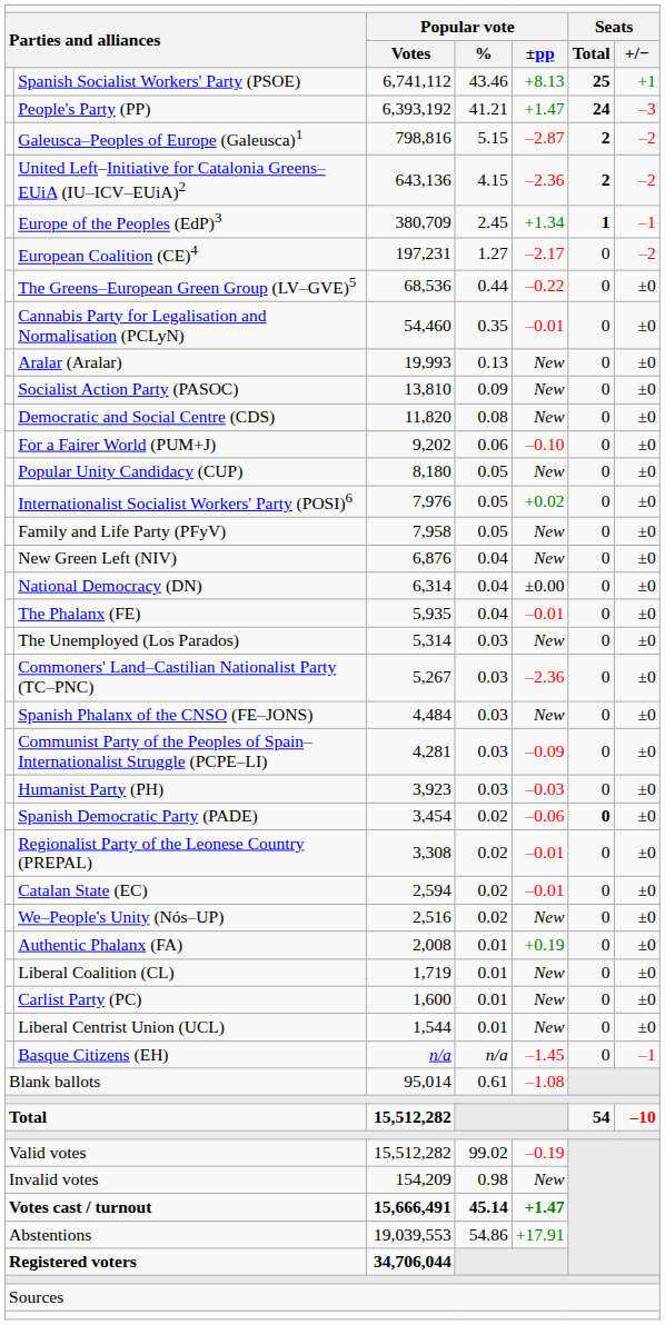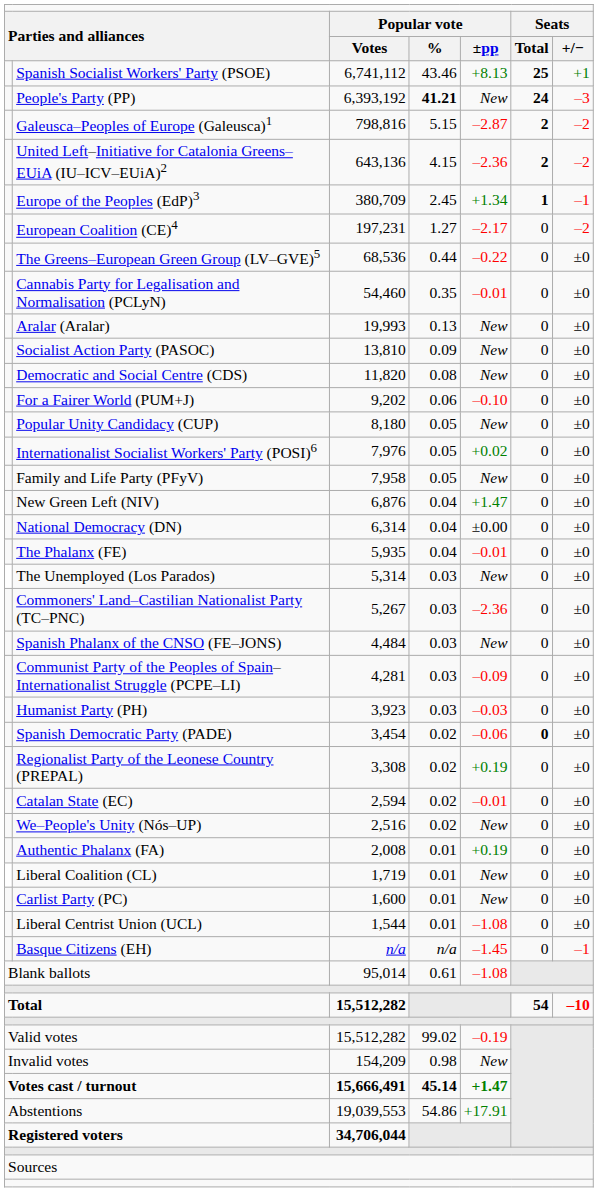 <table class="wikitable" style="text-align:right">
 <tr>
 <td colspan="7"></td>
 </tr>
 <tr>
 <th style="text-align:left;" rowspan="2" colspan="2" width="525">Parties and alliances</th>
 <th colspan="3">Popular vote</th>
 <th colspan="2">Seats</th>
 </tr>
 <tr>
 <th width="75">Votes</th>
 <th width="45">%</th>
 <th width="45">±<a href='#'>pp</a></th>
 <th width="35">Total</th>
 <th width="35">+/−</th>
 </tr>
 <tr>
 <td width="1" style="color:inherit;background:"></td>
 <td align="left"><a href='#'>Spanish Socialist Workers' Party</a> (PSOE)</td>
 <td>6,741,112</td>
 <td>43.46</td>
 <td style="color:green;">+8.13</td>
 <td><strong>25</strong></td>
 <td style="color:green;">+1</td>
 </tr>
 <tr>
 <td style="color:inherit;background:"></td>
 <td align="left"><a href='#'>People's Party</a> (PP)</td>
 <td>6,393,192</td>
-<td>41.21</td>
-<td style="color:green;">+1.47</td>
+<td><strong>41.21</strong></td>
+<td><em>New</em></td>
 <td><strong>24</strong></td>
 <td style="color:red;">–3</td>
 </tr>
 <tr>
 <td style="color:inherit;background:"></td>
 <td align="left"><a href='#'>Galeusca–Peoples of Europe</a> (Galeusca)<sup>1</sup></td>
 <td>798,816</td>
 <td>5.15</td>
 <td style="color:red;">–2.87</td>
 <td><strong>2</strong></td>
 <td style="color:red;">–2</td>
 </tr>
 <tr>
 <td style="color:inherit;background:"></td>
 <td align="left"><a href='#'>United Left</a>–<a href='#'>Initiative for Catalonia Greens–EUiA</a> (IU–ICV–EUiA)<sup>2</sup></td>
 <td>643,136</td>
 <td>4.15</td>
 <td style="color:red;">–2.36</td>
 <td><strong>2</strong></td>
 <td style="color:red;">–2</td>
 </tr>
 <tr>
 <td style="color:inherit;background:"></td>
 <td align="left"><a href='#'>Europe of the Peoples</a> (EdP)<sup>3</sup></td>
 <td>380,709</td>
 <td>2.45</td>
 <td style="color:green;">+1.34</td>
 <td><strong>1</strong></td>
 <td style="color:red;">–1</td>
 </tr>
 <tr>
 <td style="color:inherit;background:"></td>
 <td align="left"><a href='#'>European Coalition</a> (CE)<sup>4</sup></td>
 <td>197,231</td>
 <td>1.27</td>
 <td style="color:red;">–2.17</td>
 <td>0</td>
 <td style="color:red;">–2</td>
 </tr>
 <tr>
 <td style="color:inherit;background:"></td>
 <td align="left"><a href='#'>The Greens–European Green Group</a> (LV–GVE)<sup>5</sup></td>
 <td>68,536</td>
 <td>0.44</td>
 <td style="color:red;">–0.22</td>
 <td>0</td>
 <td>±0</td>
 </tr>
 <tr>
 <td style="color:inherit;background:"></td>
 <td align="left"><a href='#'>Cannabis Party for Legalisation and Normalisation</a> (PCLyN)</td>
 <td>54,460</td>
 <td>0.35</td>
 <td style="color:red;">–0.01</td>
 <td>0</td>
 <td>±0</td>
 </tr>
 <tr>
 <td style="color:inherit;background:"></td>
 <td align="left"><a href='#'>Aralar</a> (Aralar)</td>
 <td>19,993</td>
 <td>0.13</td>
 <td><em>New</em></td>
 <td>0</td>
 <td>±0</td>
 </tr>
 <tr>
 <td style="color:inherit;background:"></td>
 <td align="left"><a href='#'>Socialist Action Party</a> (PASOC)</td>
 <td>13,810</td>
 <td>0.09</td>
 <td><em>New</em></td>
 <td>0</td>
 <td>±0</td>
 </tr>
 <tr>
 <td style="color:inherit;background:"></td>
 <td align="left"><a href='#'>Democratic and Social Centre</a> (CDS)</td>
 <td>11,820</td>
 <td>0.08</td>
 <td><em>New</em></td>
 <td>0</td>
 <td>±0</td>
 </tr>
 <tr>
 <td style="color:inherit;background:"></td>
 <td align="left"><a href='#'>For a Fairer World</a> (PUM+J)</td>
 <td>9,202</td>
 <td>0.06</td>
 <td style="color:red;">–0.10</td>
 <td>0</td>
 <td>±0</td>
 </tr>
 <tr>
 <td style="color:inherit;background:"></td>
 <td align="left"><a href='#'>Popular Unity Candidacy</a> (CUP)</td>
 <td>8,180</td>
 <td>0.05</td>
 <td><em>New</em></td>
 <td>0</td>
 <td>±0</td>
 </tr>
 <tr>
 <td style="color:inherit;background:"></td>
 <td align="left"><a href='#'>Internationalist Socialist Workers' Party</a> (POSI)<sup>6</sup></td>
 <td>7,976</td>
 <td>0.05</td>
 <td style="color:green;">+0.02</td>
 <td>0</td>
 <td>±0</td>
 </tr>
 <tr>
 <td style="color:inherit;background:"></td>
 <td align="left">Family and Life Party (PFyV)</td>
 <td>7,958</td>
 <td>0.05</td>
 <td><em>New</em></td>
 <td>0</td>
 <td>±0</td>
 </tr>
 <tr>
 <td style="color:inherit;background:"></td>
 <td align="left">New Green Left (NIV)</td>
 <td>6,876</td>
 <td>0.04</td>
-<td><em>New</em></td>
+<td style="color:green;">+1.47</td>
 <td>0</td>
 <td>±0</td>
 </tr>
 <tr>
 <td style="color:inherit;background:"></td>
 <td align="left"><a href='#'>National Democracy</a> (DN)</td>
 <td>6,314</td>
 <td>0.04</td>
 <td>±0.00</td>
 <td>0</td>
 <td>±0</td>
 </tr>
 <tr>
 <td style="color:inherit;background:"></td>
 <td align="left"><a href='#'>The Phalanx</a> (FE)</td>
 <td>5,935</td>
 <td>0.04</td>
 <td style="color:red;">–0.01</td>
 <td>0</td>
 <td>±0</td>
 </tr>
 <tr>
 <td bgcolor="white"></td>
 <td align="left">The Unemployed (Los Parados)</td>
 <td>5,314</td>
 <td>0.03</td>
 <td><em>New</em></td>
 <td>0</td>
 <td>±0</td>
 </tr>
 <tr>
 <td style="color:inherit;background:"></td>
 <td align="left"><a href='#'>Commoners' Land–Castilian Nationalist Party</a> (TC–PNC)</td>
 <td>5,267</td>
 <td>0.03</td>
 <td style="color:red;">–2.36</td>
 <td>0</td>
 <td>±0</td>
 </tr>
 <tr>
 <td style="color:inherit;background:"></td>
 <td align="left"><a href='#'>Spanish Phalanx of the CNSO</a> (FE–JONS)</td>
 <td>4,484</td>
 <td>0.03</td>
 <td><em>New</em></td>
 <td>0</td>
 <td>±0</td>
 </tr>
 <tr>
 <td style="color:inherit;background:"></td>
 <td align="left"><a href='#'>Communist Party of the Peoples of Spain</a>–<a href='#'>Internationalist Struggle</a> (PCPE–LI)</td>
 <td>4,281</td>
 <td>0.03</td>
 <td style="color:red;">–0.09</td>
 <td>0</td>
 <td>±0</td>
 </tr>
 <tr>
 <td style="color:inherit;background:"></td>
 <td align="left"><a href='#'>Humanist Party</a> (PH)</td>
 <td>3,923</td>
 <td>0.03</td>
 <td style="color:red;">–0.03</td>
 <td>0</td>
 <td>±0</td>
 </tr>
 <tr>
 <td style="color:inherit;background:"></td>
 <td align="left"><a href='#'>Spanish Democratic Party</a> (PADE)</td>
 <td>3,454</td>
 <td>0.02</td>
 <td style="color:red;">–0.06</td>
 <td><strong>0</strong></td>
 <td>±0</td>
 </tr>
 <tr>
 <td style="color:inherit;background:"></td>
 <td align="left"><a href='#'>Regionalist Party of the Leonese Country</a> (PREPAL)</td>
 <td>3,308</td>
 <td>0.02</td>
-<td style="color:red;">–0.01</td>
+<td style="color:green;">+0.19</td>
 <td>0</td>
 <td>±0</td>
 </tr>
 <tr>
 <td style="color:inherit;background:"></td>
 <td align="left"><a href='#'>Catalan State</a> (EC)</td>
 <td>2,594</td>
 <td>0.02</td>
 <td style="color:red;">–0.01</td>
 <td>0</td>
 <td>±0</td>
 </tr>
 <tr>
 <td style="color:inherit;background:"></td>
 <td align="left"><a href='#'>We–People's Unity</a> (Nós–UP)</td>
 <td>2,516</td>
 <td>0.02</td>
 <td><em>New</em></td>
 <td>0</td>
 <td>±0</td>
 </tr>
 <tr>
 <td style="color:inherit;background:"></td>
 <td align="left"><a href='#'>Authentic Phalanx</a> (FA)</td>
 <td>2,008</td>
 <td>0.01</td>
 <td style="color:green;">+0.19</td>
 <td>0</td>
 <td>±0</td>
 </tr>
 <tr>
 <td bgcolor="white"></td>
 <td align="left">Liberal Coalition (CL)</td>
 <td>1,719</td>
 <td>0.01</td>
 <td><em>New</em></td>
 <td>0</td>
 <td>±0</td>
 </tr>
 <tr>
 <td style="color:inherit;background:"></td>
 <td align="left"><a href='#'>Carlist Party</a> (PC)</td>
 <td>1,600</td>
 <td>0.01</td>
 <td><em>New</em></td>
 <td>0</td>
 <td>±0</td>
 </tr>
 <tr>
 <td style="color:inherit;background:"></td>
 <td align="left">Liberal Centrist Union (UCL)</td>
 <td>1,544</td>
 <td>0.01</td>
-<td><em>New</em></td>
+<td style="color:red;">–1.08</td>
 <td>0</td>
 <td>±0</td>
 </tr>
 <tr>
 <td style="color:inherit;background:"></td>
 <td align="left"><a href='#'>Basque Citizens</a> (EH)</td>
 <td><em><a href='#'>n/a</a></em></td>
 <td><em>n/a</em></td>
 <td style="color:red;">–1.45</td>
 <td>0</td>
 <td style="color:red;">–1</td>
 </tr>
 <tr>
 <td align="left" colspan="2">Blank ballots</td>
 <td>95,014</td>
 <td>0.61</td>
 <td style="color:red;">–1.08</td>
 <td bgcolor="#E9E9E9" colspan="2"></td>
 </tr>
 <tr>
 <td colspan="7" bgcolor="#E9E9E9"></td>
 </tr>
 <tr style="font-weight:bold;">
 <td align="left" colspan="2">Total</td>
 <td>15,512,282</td>
 <td bgcolor="#E9E9E9" colspan="2"></td>
 <td>54</td>
 <td style="color:red;">–10</td>
 </tr>
 <tr>
 <td colspan="7" bgcolor="#E9E9E9"></td>
 </tr>
 <tr>
 <td align="left" colspan="2">Valid votes</td>
 <td>15,512,282</td>
 <td>99.02</td>
 <td style="color:red;">–0.19</td>
 <td bgcolor="#E9E9E9" colspan="2" rowspan="5"></td>
 </tr>
 <tr>
 <td align="left" colspan="2">Invalid votes</td>
 <td>154,209</td>
 <td>0.98</td>
 <td><em>New</em></td>
 </tr>
 <tr style="font-weight:bold;">
 <td align="left" colspan="2">Votes cast / turnout</td>
 <td>15,666,491</td>
 <td>45.14</td>
 <td style="color:green;">+1.47</td>
 </tr>
 <tr>
 <td align="left" colspan="2">Abstentions</td>
 <td>19,039,553</td>
 <td>54.86</td>
 <td style="color:green;">+17.91</td>
 </tr>
 <tr style="font-weight:bold;">
 <td align="left" colspan="2">Registered voters</td>
 <td>34,706,044</td>
 <td bgcolor="#E9E9E9" colspan="2"></td>
 </tr>
 <tr>
 <td colspan="7" bgcolor="#E9E9E9"></td>
 </tr>
 <tr>
 <td align="left" colspan="7">Sources</td>
 </tr>
 <tr>
 <td colspan="7" style="text-align:left; max-width:790px;"></td>
 </tr>
 </table>
